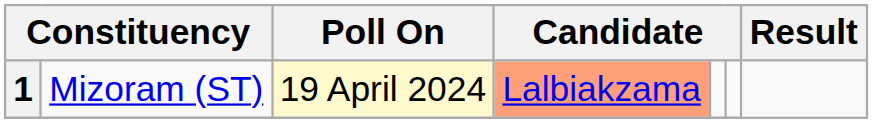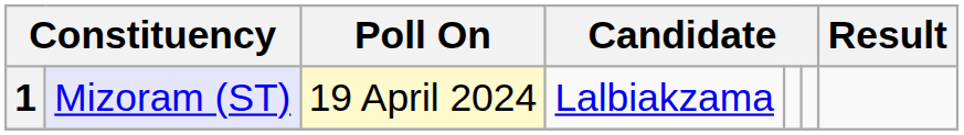 <table class="wikitable " style="text-align:center;">
 <tr>
 <th colspan="2">Constituency</th>
 <th>Poll On</th>
 <th colspan="3">Candidate</th>
 <th>Result</th>
 </tr>
 <tr>
 <th>1</th>
-<td><a href='#'>Mizoram (ST)</a></td>
+<td style="background: lavender;"><a href='#'>Mizoram (ST)</a></td>
 <td bgcolor=#FFFACD>19 April 2024</td>
-<td style="background: lightsalmon;"><a href='#'>Lalbiakzama</a></td>
+<td><a href='#'>Lalbiakzama</a></td>
 <td></td>
 <td></td>
 </tr>
 <tr>
 </tr>
 </table>
